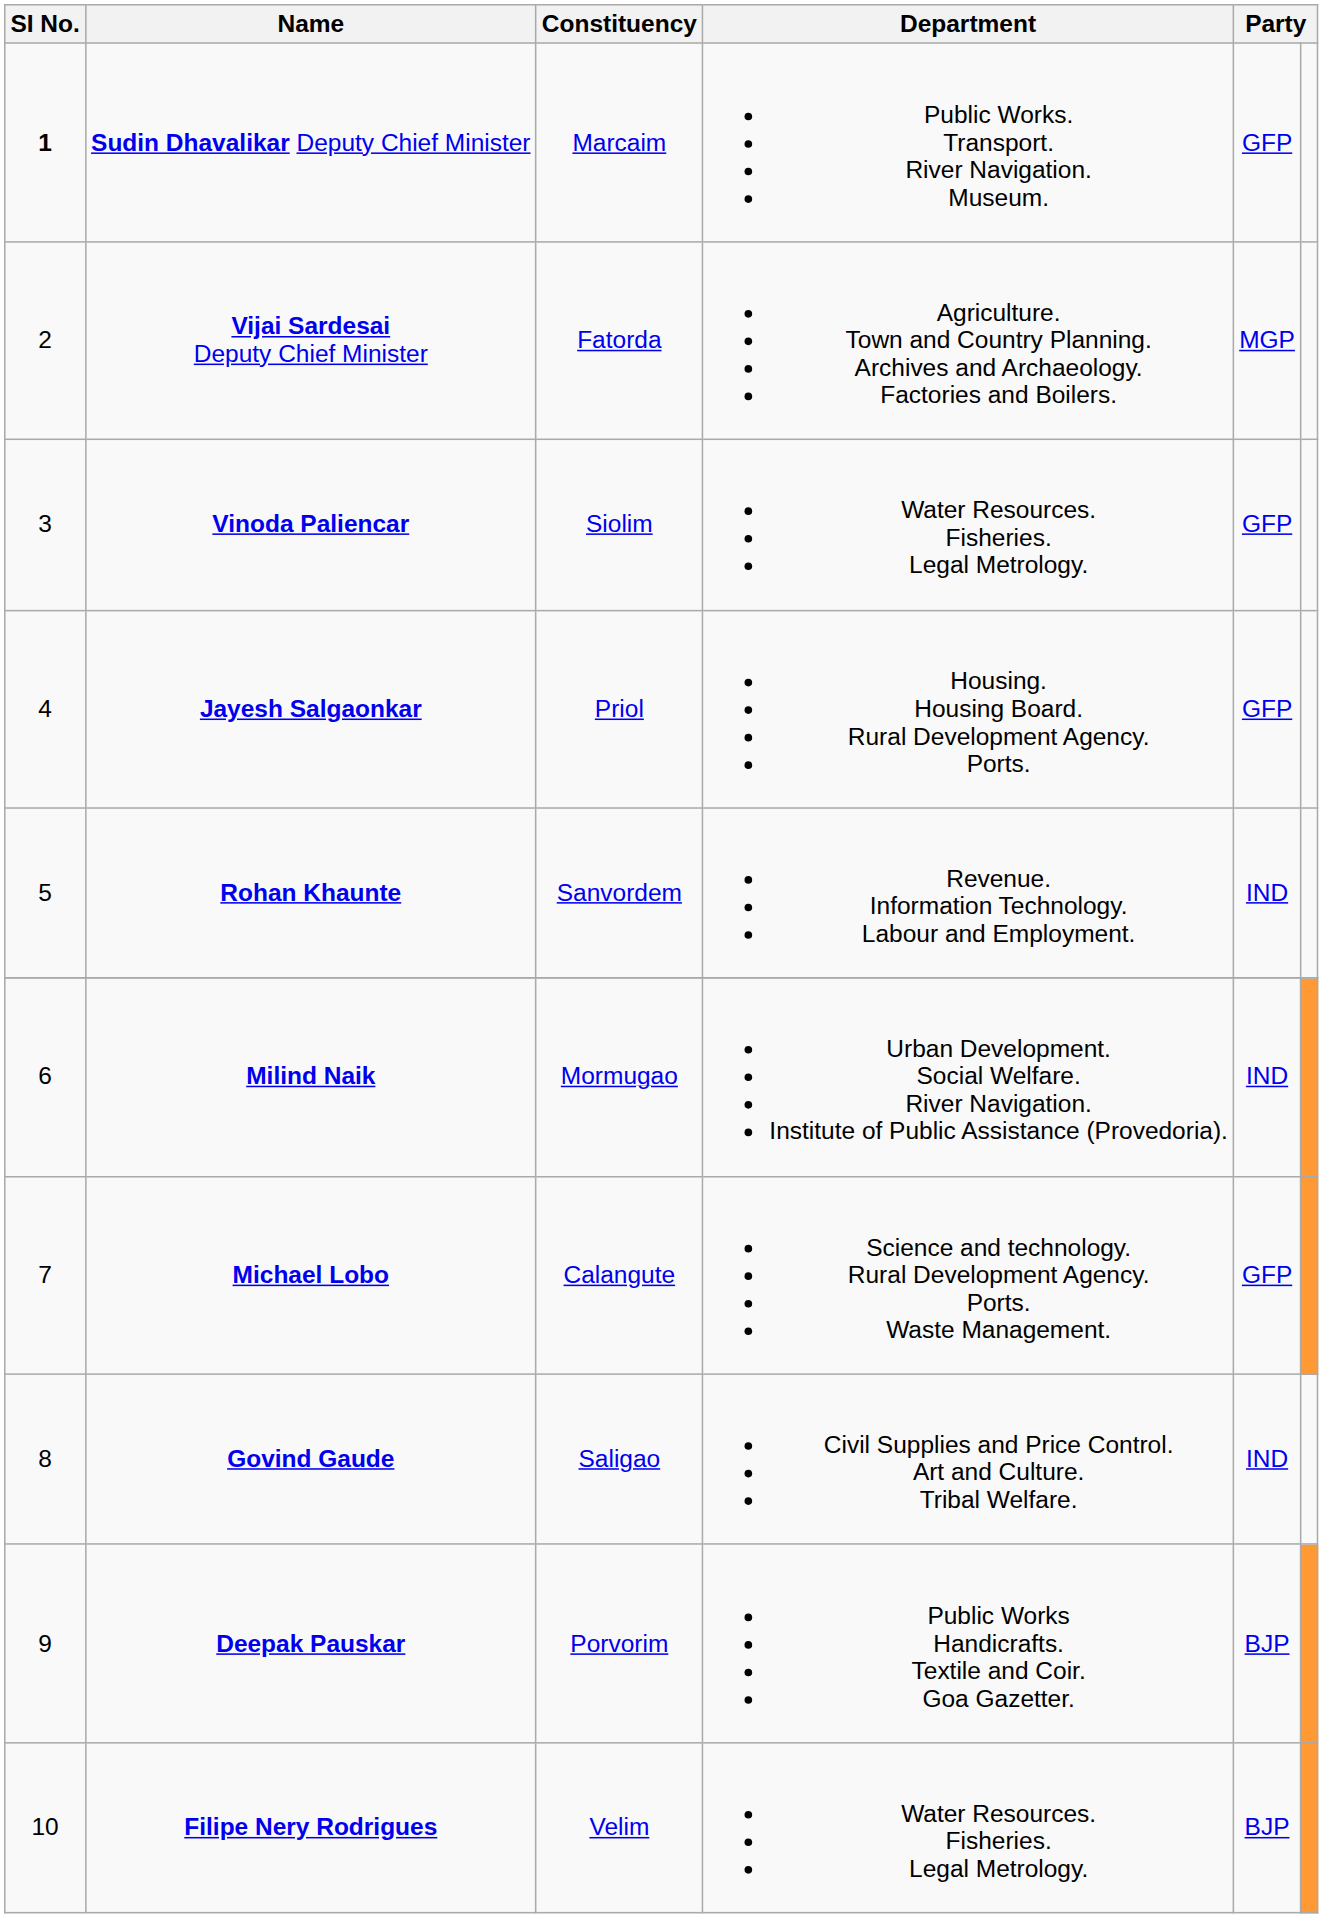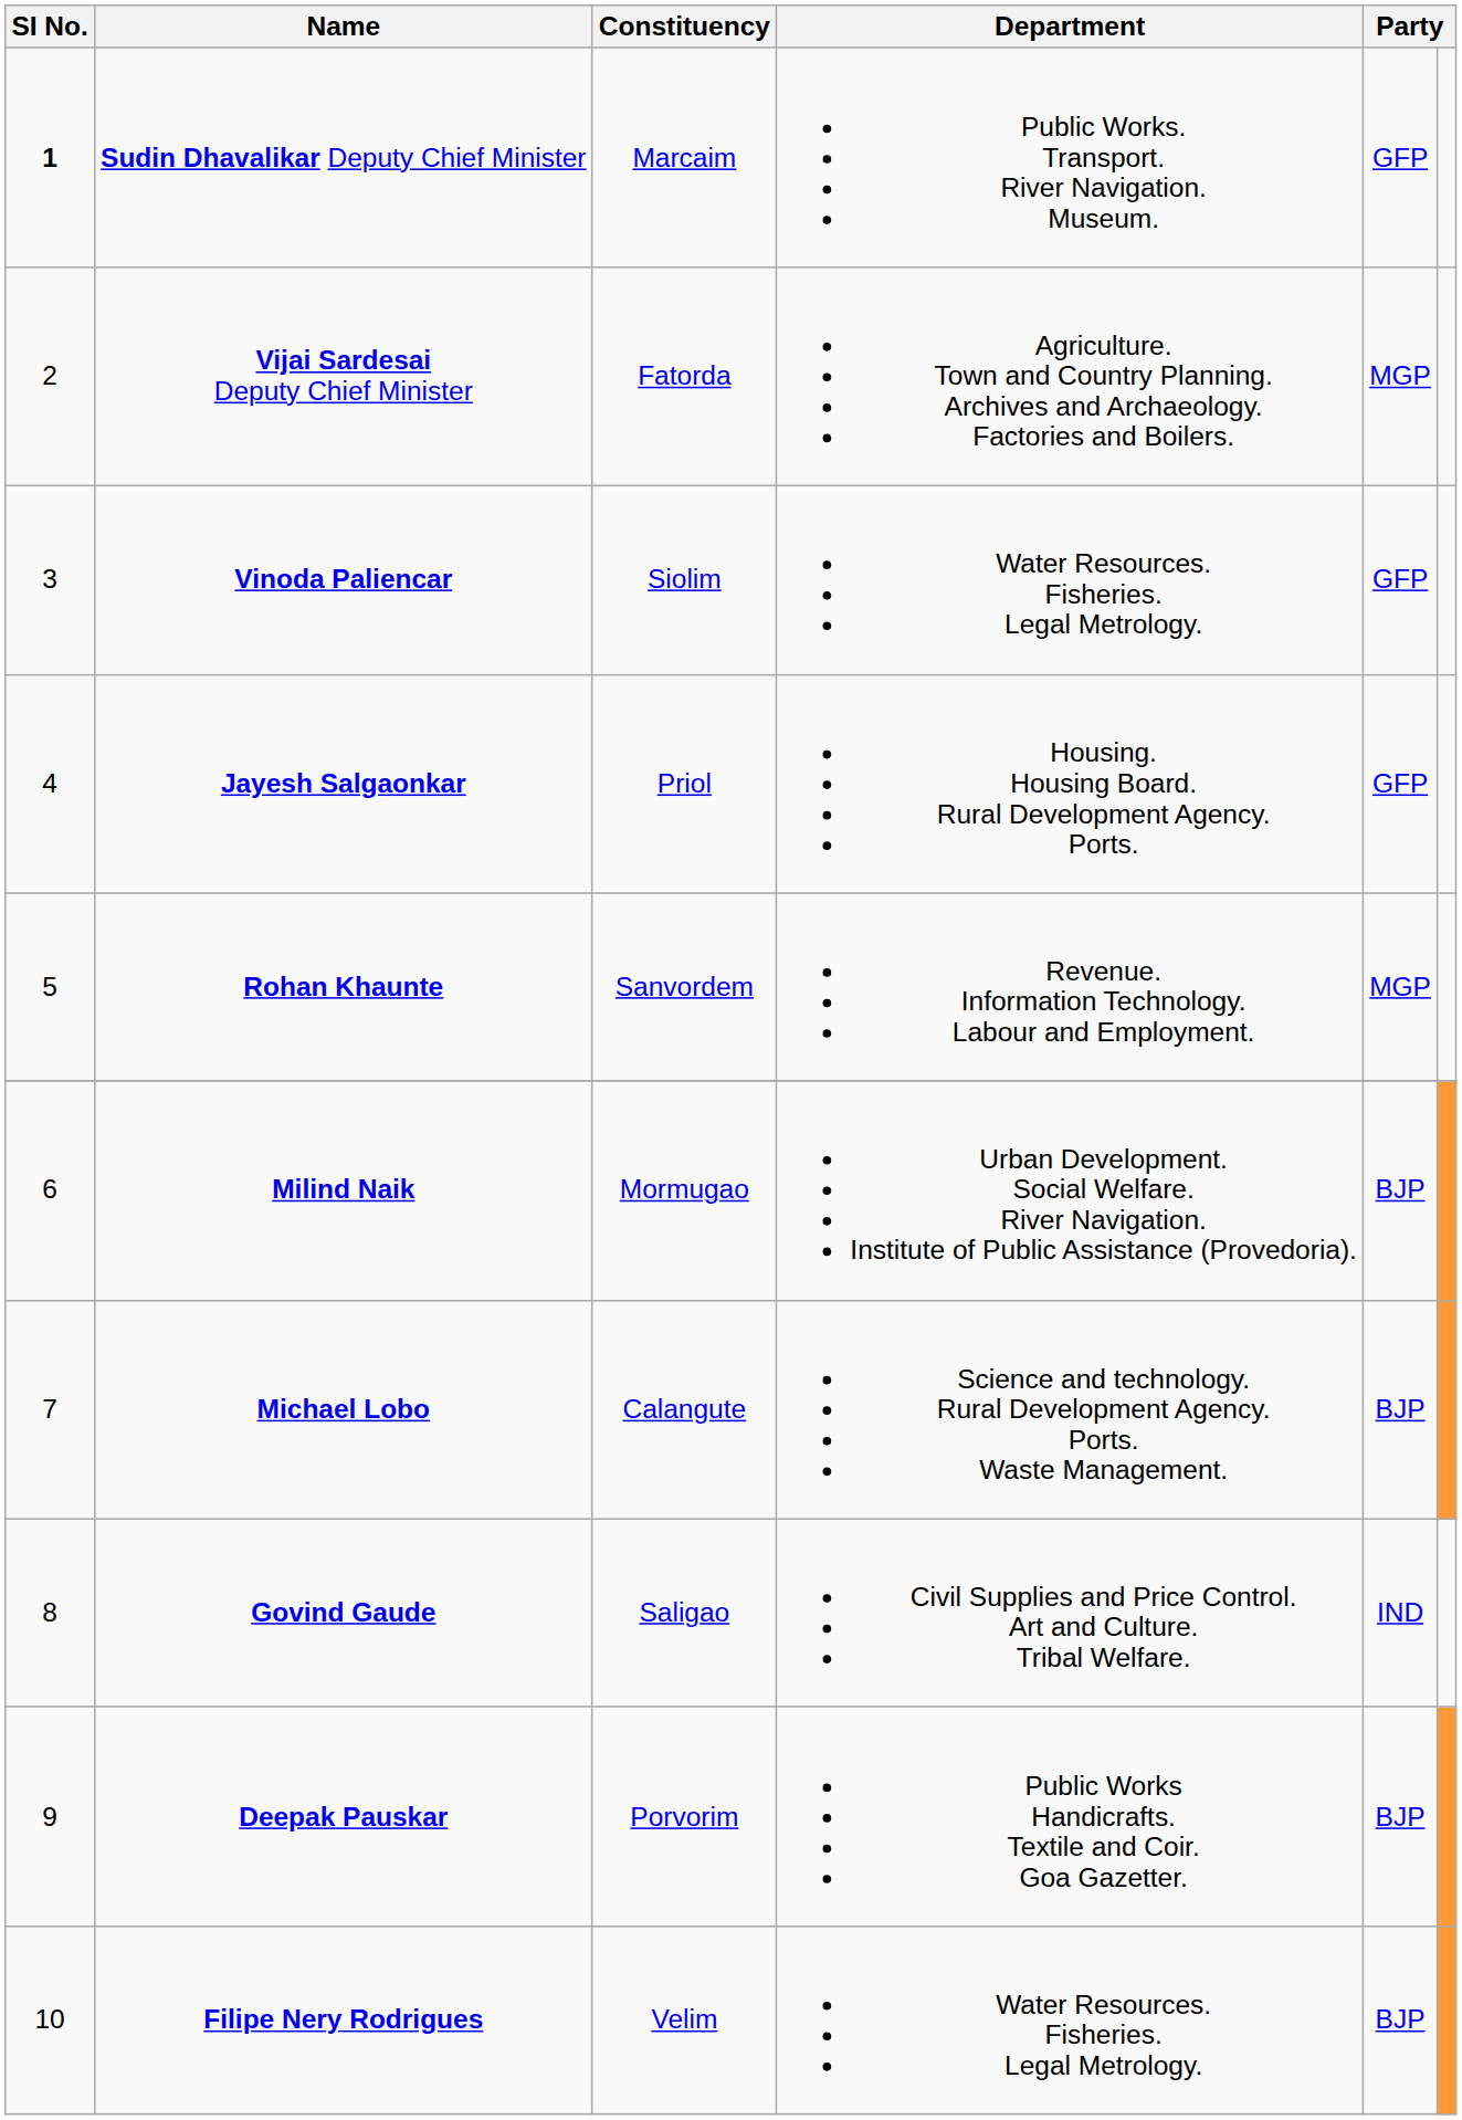 <table class="wikitable sortable" style="text-align:center;">
 <tr>
 <th>SI No.</th>
 <th>Name</th>
 <th>Constituency</th>
 <th>Department</th>
 <th colspan="2" scope="col">Party</th>
 </tr>
 <tr>
 <td><strong>1</strong></td>
 <td><strong><a href='#'>Sudin Dhavalikar</a></strong> <a href='#'>Deputy Chief Minister</a></td>
 <td><a href='#'>Marcaim</a></td>
 <td><br><ul><li>Public Works.</li><li>Transport.</li><li>River Navigation.</li><li>Museum.</li></ul></td>
 <td><a href='#'>GFP</a></td>
 <td width="4px" style="background-color: "></td>
 </tr>
 <tr>
 <td>2</td>
 <td><strong><a href='#'>Vijai Sardesai</a></strong><br><a href='#'>Deputy Chief Minister</a></td>
 <td><a href='#'>Fatorda</a></td>
 <td><br><ul><li>Agriculture.</li><li>Town and Country Planning.</li><li>Archives and Archaeology.</li><li>Factories and Boilers.</li></ul></td>
 <td><a href='#'>MGP</a></td>
 <td width="4px" style="background-color: "></td>
 </tr>
 <tr>
 <td>3</td>
 <td><strong><a href='#'>Vinoda Paliencar</a></strong></td>
 <td><a href='#'>Siolim</a></td>
 <td><br><ul><li>Water Resources.</li><li>Fisheries.</li><li>Legal Metrology.</li></ul></td>
 <td><a href='#'>GFP</a></td>
 <td width="4px" style="background-color: "></td>
 </tr>
 <tr style="text-align:center; height:60px;">
 <td>4</td>
 <td><strong><a href='#'>Jayesh Salgaonkar</a></strong></td>
 <td><a href='#'>Priol</a></td>
 <td><br><ul><li>Housing.</li><li>Housing Board.</li><li>Rural Development Agency.</li><li>Ports.</li></ul></td>
 <td><a href='#'>GFP</a></td>
 <td width="4px" style="background-color: "></td>
 </tr>
 <tr>
 <td>5</td>
 <td><strong><a href='#'>Rohan Khaunte</a></strong></td>
 <td><a href='#'>Sanvordem</a></td>
 <td><br><ul><li>Revenue.</li><li>Information Technology.</li><li>Labour and Employment.</li></ul></td>
-<td><a href='#'>IND</a></td>
+<td><a href='#'>MGP</a></td>
 <td width="4px" style="background-color: "></td>
 </tr>
 <tr>
 </tr>
 <tr>
 <td>6</td>
 <td><strong><a href='#'>Milind Naik</a></strong></td>
 <td><a href='#'>Mormugao</a></td>
 <td><br><ul><li>Urban Development.</li><li>Social Welfare.</li><li>River Navigation.</li><li>Institute of Public Assistance (Provedoria).</li></ul></td>
-<td><a href='#'>IND</a></td>
+<td><a href='#'>BJP</a></td>
 <td bgcolor=#FF9933></td>
 </tr>
 <tr>
 <td>7</td>
 <td><strong><a href='#'>Michael Lobo</a></strong></td>
 <td><a href='#'>Calangute</a></td>
 <td><br><ul><li>Science and technology.</li><li>Rural Development Agency.</li><li>Ports.</li><li>Waste Management.</li></ul></td>
-<td><a href='#'>GFP</a></td>
+<td><a href='#'>BJP</a></td>
 <td bgcolor=#FF9933></td>
 </tr>
 <tr>
 <td>8</td>
 <td><strong><a href='#'>Govind Gaude</a></strong></td>
 <td><a href='#'>Saligao</a></td>
 <td><br><ul><li>Civil Supplies and Price Control.</li><li>Art and Culture.</li><li>Tribal Welfare.</li></ul></td>
 <td><a href='#'>IND</a></td>
 <td width="4px" style="background-color: "></td>
 </tr>
 <tr>
 <td>9</td>
 <td><strong><a href='#'>Deepak Pauskar</a></strong></td>
 <td><a href='#'>Porvorim</a></td>
 <td><br><ul><li>Public Works</li><li>Handicrafts.</li><li>Textile and Coir.</li><li>Goa Gazetter.</li></ul></td>
 <td><a href='#'>BJP</a></td>
 <td bgcolor=#FF9933></td>
 </tr>
 <tr>
 <td>10</td>
 <td><strong><a href='#'>Filipe Nery Rodrigues</a></strong></td>
 <td><a href='#'>Velim</a></td>
 <td><br><ul><li>Water Resources.</li><li>Fisheries.</li><li>Legal Metrology.</li></ul></td>
 <td><a href='#'>BJP</a></td>
 <td bgcolor=#FF9933></td>
 </tr>
 </table>
